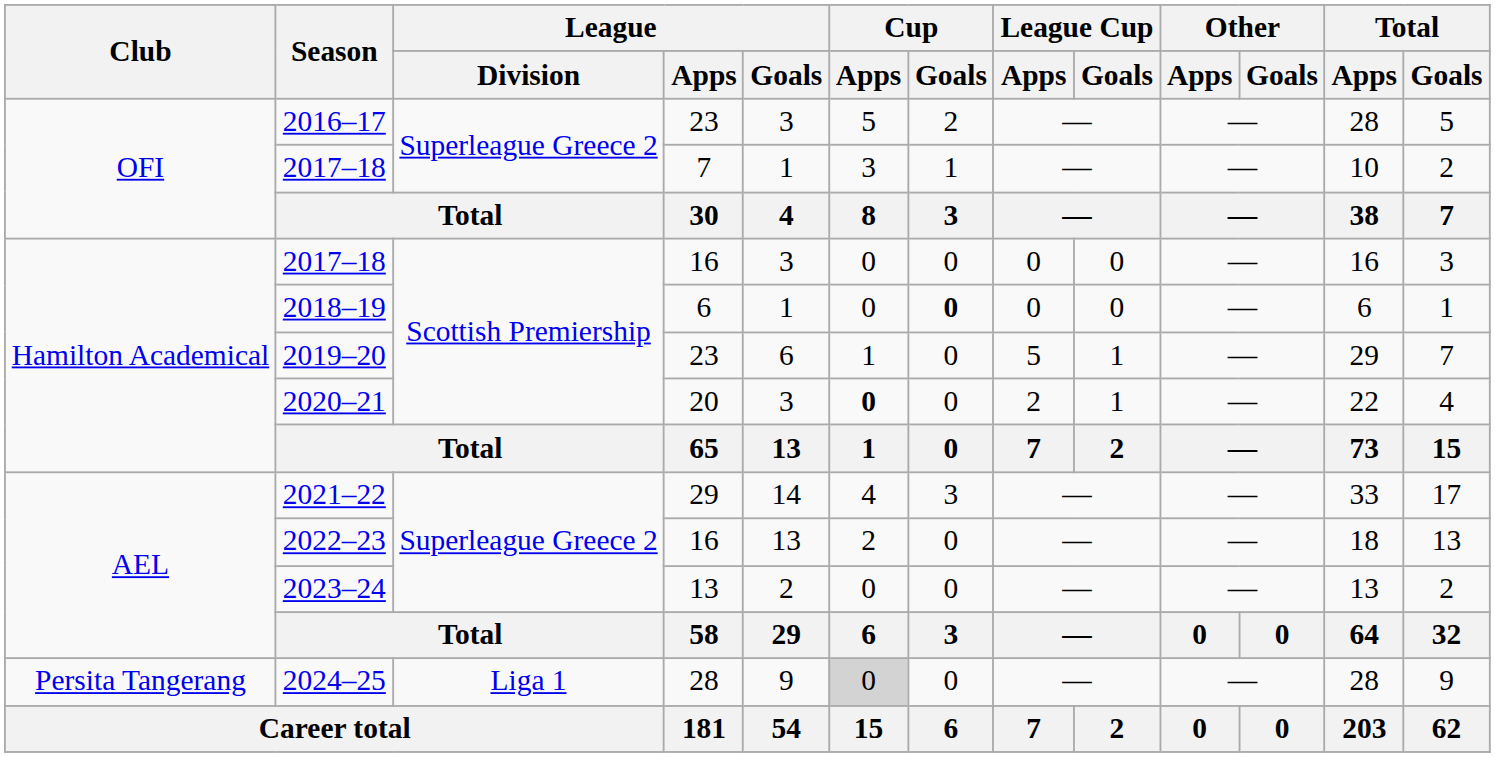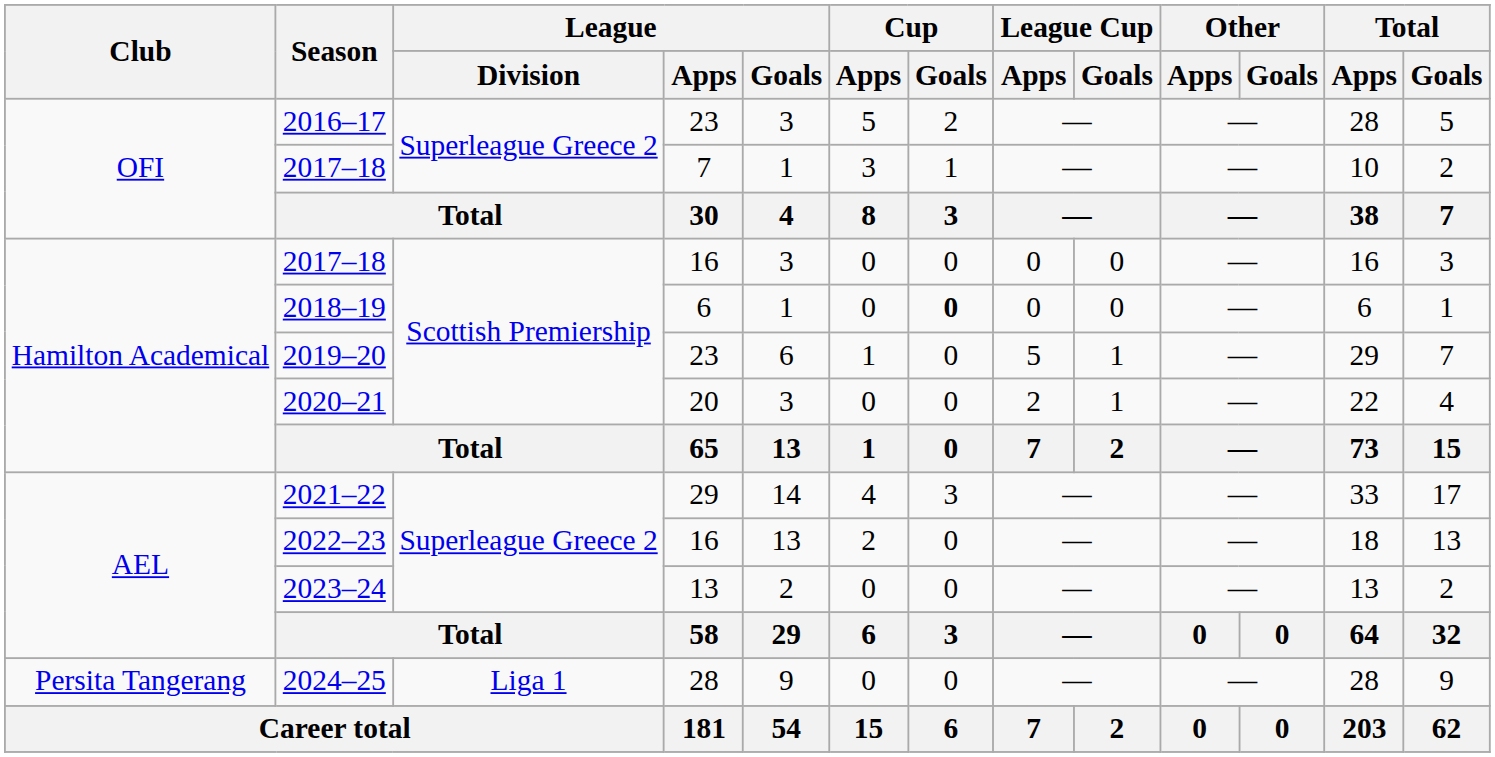 <table class="wikitable" style="text-align:center">
 <tr>
 <th rowspan="2">Club</th>
 <th rowspan="2">Season</th>
 <th colspan="3">League</th>
 <th colspan="2">Cup</th>
 <th colspan="2">League Cup</th>
 <th colspan="2">Other</th>
 <th colspan="2">Total</th>
 </tr>
 <tr>
 <th>Division</th>
 <th>Apps</th>
 <th>Goals</th>
 <th>Apps</th>
 <th>Goals</th>
 <th>Apps</th>
 <th>Goals</th>
 <th>Apps</th>
 <th>Goals</th>
 <th>Apps</th>
 <th>Goals</th>
 </tr>
 <tr>
 <td rowspan="3"><a href='#'>OFI</a></td>
 <td><a href='#'>2016–17</a></td>
 <td rowspan="2"><a href='#'>Superleague Greece 2</a></td>
 <td>23</td>
 <td>3</td>
 <td>5</td>
 <td>2</td>
 <td colspan="2">—</td>
 <td colspan="2">—</td>
 <td>28</td>
 <td>5</td>
 </tr>
 <tr>
 <td><a href='#'>2017–18</a></td>
 <td>7</td>
 <td>1</td>
 <td>3</td>
 <td>1</td>
 <td colspan="2">—</td>
 <td colspan="2">—</td>
 <td>10</td>
 <td>2</td>
 </tr>
 <tr>
 <th colspan="2">Total</th>
 <th>30</th>
 <th>4</th>
 <th>8</th>
 <th>3</th>
 <th colspan="2">—</th>
 <th colspan="2">—</th>
 <th>38</th>
 <th>7</th>
 </tr>
 <tr>
 <td rowspan="5"><a href='#'>Hamilton Academical</a></td>
 <td><a href='#'>2017–18</a></td>
 <td rowspan="4"><a href='#'>Scottish Premiership</a></td>
 <td>16</td>
 <td>3</td>
 <td>0</td>
 <td>0</td>
 <td>0</td>
 <td>0</td>
 <td colspan="2">—</td>
 <td>16</td>
 <td>3</td>
 </tr>
 <tr>
 <td><a href='#'>2018–19</a></td>
 <td>6</td>
 <td>1</td>
 <td>0</td>
 <td><strong>0</strong></td>
 <td>0</td>
 <td>0</td>
 <td colspan="2">—</td>
 <td>6</td>
 <td>1</td>
 </tr>
 <tr>
 <td><a href='#'>2019–20</a></td>
 <td>23</td>
 <td>6</td>
 <td>1</td>
 <td>0</td>
 <td>5</td>
 <td>1</td>
 <td colspan="2">—</td>
 <td>29</td>
 <td>7</td>
 </tr>
 <tr>
 <td><a href='#'>2020–21</a></td>
 <td>20</td>
 <td>3</td>
-<td><strong>0</strong></td>
+<td>0</td>
 <td>0</td>
 <td>2</td>
 <td>1</td>
 <td colspan="2">—</td>
 <td>22</td>
 <td>4</td>
 </tr>
 <tr>
 <th colspan="2">Total</th>
 <th>65</th>
 <th>13</th>
 <th>1</th>
 <th>0</th>
 <th>7</th>
 <th>2</th>
 <th colspan="2">—</th>
 <th>73</th>
 <th>15</th>
 </tr>
 <tr>
 <td rowspan="4"><a href='#'>AEL</a></td>
 <td><a href='#'>2021–22</a></td>
 <td rowspan="3"><a href='#'>Superleague Greece 2</a></td>
 <td>29</td>
 <td>14</td>
 <td>4</td>
 <td>3</td>
 <td colspan="2">—</td>
 <td colspan="2">—</td>
 <td>33</td>
 <td>17</td>
 </tr>
 <tr>
 <td><a href='#'>2022–23</a></td>
 <td>16</td>
 <td>13</td>
 <td>2</td>
 <td>0</td>
 <td colspan="2">—</td>
 <td colspan="2">—</td>
 <td>18</td>
 <td>13</td>
 </tr>
 <tr>
 <td><a href='#'>2023–24</a></td>
 <td>13</td>
 <td>2</td>
 <td>0</td>
 <td>0</td>
 <td colspan="2">—</td>
 <td colspan="2">—</td>
 <td>13</td>
 <td>2</td>
 </tr>
 <tr>
 <th colspan="2">Total</th>
 <th>58</th>
 <th>29</th>
 <th>6</th>
 <th>3</th>
 <th colspan="2">—</th>
 <th>0</th>
 <th>0</th>
 <th>64</th>
 <th>32</th>
 </tr>
 <tr>
 <td><a href='#'>Persita Tangerang</a></td>
 <td><a href='#'>2024–25</a></td>
 <td rowspan="1"><a href='#'>Liga 1</a></td>
 <td>28</td>
 <td>9</td>
-<td style="background: lightgrey;">0</td>
+<td>0</td>
 <td>0</td>
 <td colspan="2">—</td>
 <td colspan="2">—</td>
 <td>28</td>
 <td>9</td>
 </tr>
 <tr>
 <th colspan="3">Career total</th>
 <th>181</th>
 <th>54</th>
 <th>15</th>
 <th>6</th>
 <th>7</th>
 <th>2</th>
 <th>0</th>
 <th>0</th>
 <th>203</th>
 <th>62</th>
 </tr>
 </table>
